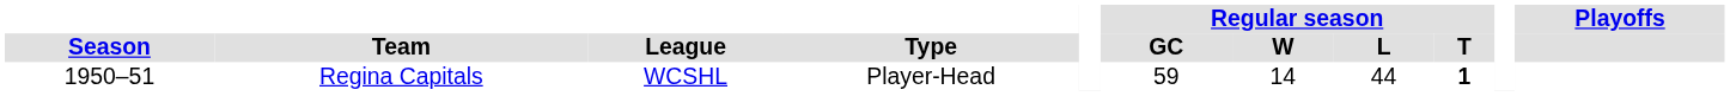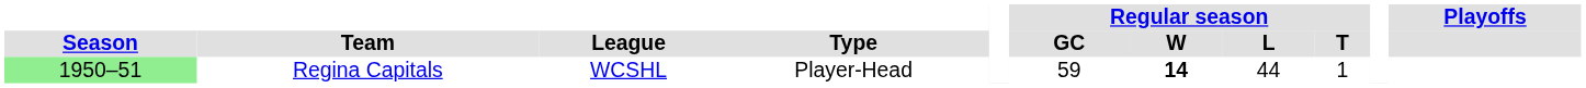 <table BORDER="0" CELLPADDING="1" CELLSPACING="0" width="75%" style="text-align:center">
 <tr bgcolor="#e0e0e0">
 <th colspan="4" bgcolor="#ffffff"> </th>
 <th rowspan="99" bgcolor="#ffffff"> </th>
 <th colspan="4"><a href='#'>Regular season</a></th>
 <th rowspan="99" bgcolor="#ffffff"> </th>
 <th colspan="1"><a href='#'>Playoffs</a></th>
 </tr>
 <tr bgcolor="#e0e0e0">
 <th><a href='#'>Season</a></th>
 <th>Team</th>
 <th>League</th>
 <th>Type</th>
 <th>GC</th>
 <th>W</th>
 <th>L</th>
 <th>T</th>
 <th></th>
 </tr>
 <tr>
-<td>1950–51</td>
+<td style="background: lightgreen;">1950–51</td>
 <td><a href='#'>Regina Capitals</a></td>
 <td><a href='#'>WCSHL</a></td>
 <td>Player-Head</td>
 <td>59</td>
-<td>14</td>
+<td><strong>14</strong></td>
 <td>44</td>
-<td><strong>1</strong></td>
+<td>1</td>
 </tr>
 </table>
